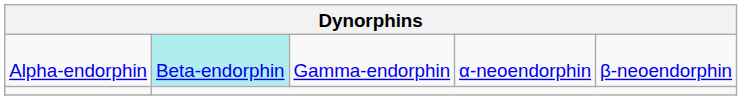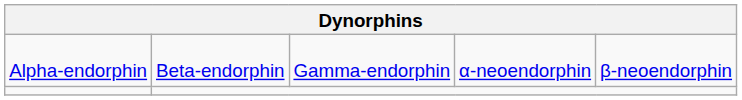 <table class="wikitable" style="font-size:smaller; text-align:center">
 <tr>
 <th colspan="5">Dynorphins</th>
 </tr>
 <tr>
 <td></br><a href='#'>Alpha-endorphin</a></td>
-<td style="background: paleturquoise;"></br><a href='#'>Beta-endorphin</a></td>
+<td></br><a href='#'>Beta-endorphin</a></td>
 <td></br><a href='#'>Gamma-endorphin</a></td>
 <td></br><a href='#'>α-neoendorphin</a></td>
 <td></br><a href='#'>β-neoendorphin</a></td>
 </tr>
 <tr>
 <td></td>
 </tr>
 </table>
